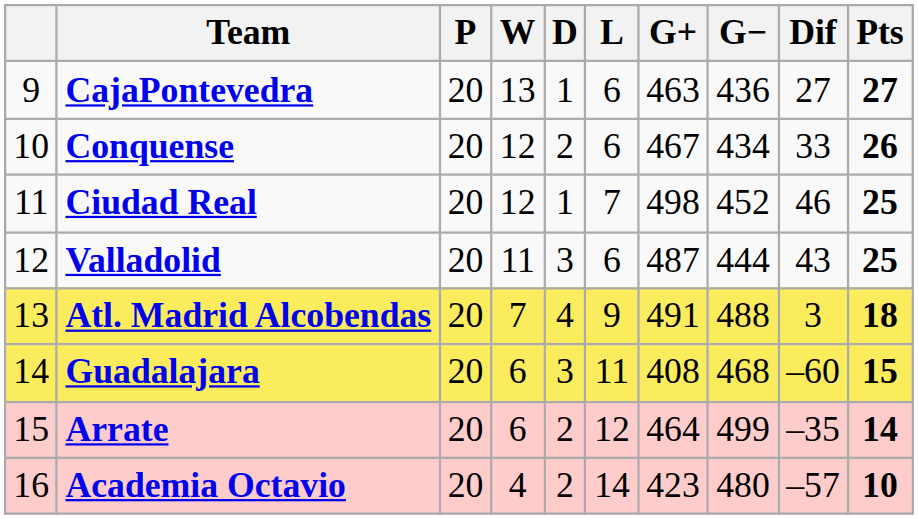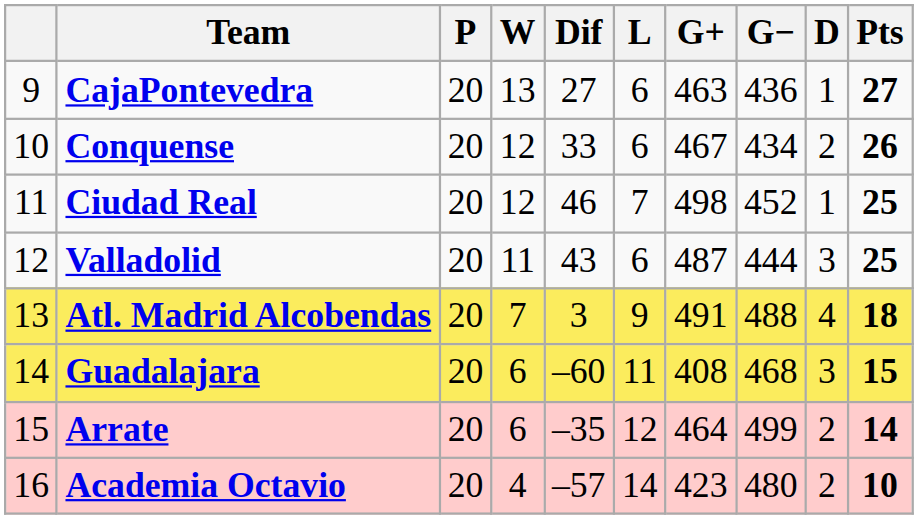 <table class="wikitable sortable" style="text-align: center;">
 <tr>
 <th align="center"></th>
 <th align="center">Team</th>
 <th align="center">P</th>
 <th align="center">W</th>
-<th align="center">D</th>
+<th align="center">Dif</th>
 <th align="center">L</th>
 <th align="center">G+</th>
 <th align="center">G−</th>
-<th align="center">Dif</th>
+<th align="center">D</th>
 <th align="center">Pts</th>
 </tr>
 <tr style="background:">
 <td>9</td>
 <td align="left"><strong><a href='#'>CajaPontevedra</a></strong></td>
 <td>20</td>
 <td>13</td>
-<td>1</td>
+<td>27</td>
 <td>6</td>
 <td>463</td>
 <td>436</td>
-<td>27</td>
+<td>1</td>
 <td><strong>27</strong></td>
 </tr>
 <tr style="background:">
 <td>10</td>
 <td align="left"><strong><a href='#'>Conquense</a></strong></td>
 <td>20</td>
 <td>12</td>
-<td>2</td>
+<td>33</td>
 <td>6</td>
 <td>467</td>
 <td>434</td>
-<td>33</td>
+<td>2</td>
 <td><strong>26</strong></td>
 </tr>
 <tr style="background:">
 <td>11</td>
 <td align="left"><strong><a href='#'>Ciudad Real</a></strong></td>
 <td>20</td>
 <td>12</td>
-<td>1</td>
+<td>46</td>
 <td>7</td>
 <td>498</td>
 <td>452</td>
-<td>46</td>
+<td>1</td>
 <td><strong>25</strong></td>
 </tr>
 <tr style="background:">
 <td>12</td>
 <td align="left"><strong><a href='#'>Valladolid</a></strong></td>
 <td>20</td>
 <td>11</td>
-<td>3</td>
+<td>43</td>
 <td>6</td>
 <td>487</td>
 <td>444</td>
-<td>43</td>
+<td>3</td>
 <td><strong>25</strong></td>
 </tr>
 <tr style="background: #FBEC5D;">
 <td>13</td>
 <td align="left"><strong><a href='#'>Atl. Madrid Alcobendas</a></strong></td>
 <td>20</td>
 <td>7</td>
-<td>4</td>
+<td>3</td>
 <td>9</td>
 <td>491</td>
 <td>488</td>
-<td>3</td>
+<td>4</td>
 <td><strong>18</strong></td>
 </tr>
 <tr style="background: #FBEC5D;">
 <td>14</td>
 <td align="left"><strong><a href='#'>Guadalajara</a></strong></td>
 <td>20</td>
 <td>6</td>
-<td>3</td>
+<td>–60</td>
 <td>11</td>
 <td>408</td>
 <td>468</td>
-<td>–60</td>
+<td>3</td>
 <td><strong>15</strong></td>
 </tr>
 <tr style="background: #FFCCCC;">
 <td>15</td>
 <td align="left"><strong><a href='#'>Arrate</a></strong></td>
 <td>20</td>
 <td>6</td>
-<td>2</td>
+<td>–35</td>
 <td>12</td>
 <td>464</td>
 <td>499</td>
-<td>–35</td>
+<td>2</td>
 <td><strong>14</strong></td>
 </tr>
 <tr style="background: #FFCCCC;">
 <td>16</td>
 <td align="left"><strong><a href='#'>Academia Octavio</a></strong></td>
 <td>20</td>
 <td>4</td>
-<td>2</td>
+<td>–57</td>
 <td>14</td>
 <td>423</td>
 <td>480</td>
-<td>–57</td>
+<td>2</td>
 <td><strong>10</strong></td>
 </tr>
 </table>
